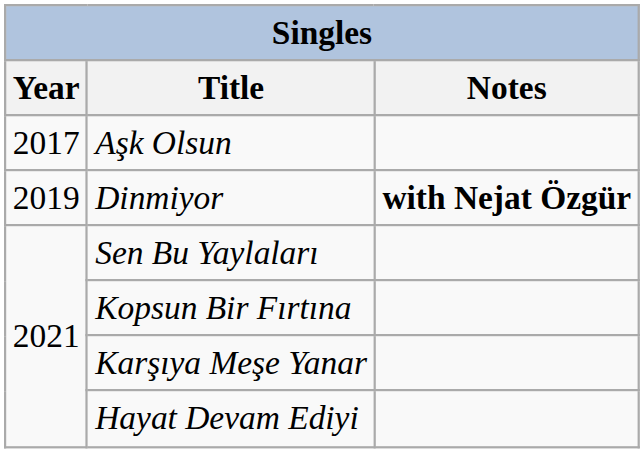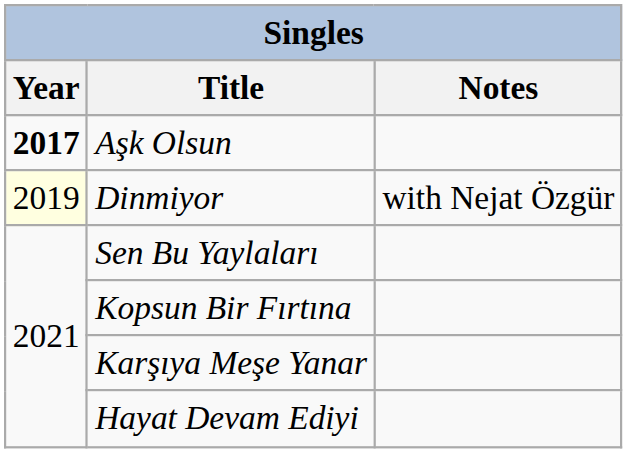 <table class="wikitable plainrowheaders sortable" style="margin-right: 0; font-size: 95%;">
 <tr bgcolor="#CCCCCC" align="center">
 <th colspan="4" style="background: LightSteelBlue;">Singles</th>
 </tr>
 <tr bgcolor="#CCCCCC" align="center">
 <th>Year</th>
 <th>Title</th>
 <th>Notes</th>
 </tr>
 <tr>
-<td>2017</td>
+<td><strong>2017</strong></td>
 <td><em>Aşk Olsun</em></td>
 <td></td>
 </tr>
 <tr>
-<td>2019</td>
+<td style="background: lightyellow;">2019</td>
 <td><em>Dinmiyor</em></td>
-<td><strong>with Nejat Özgür</strong></td>
+<td>with Nejat Özgür</td>
 </tr>
 <tr>
 <td rowspan="4">2021</td>
 <td><em>Sen Bu Yaylaları</em></td>
 <td></td>
 </tr>
 <tr>
 <td><em>Kopsun Bir Fırtına</em></td>
 <td></td>
 </tr>
 <tr>
 <td><em>Karşıya Meşe Yanar</em></td>
 <td></td>
 </tr>
 <tr>
 <td><em>Hayat Devam Ediyi</em></td>
 <td></td>
 </tr>
 </table>
